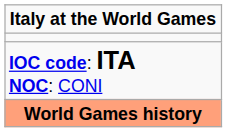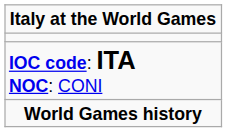 <table class="wikitable" width=20% style="float:right; font-size:90%; text-align:left;">
 <tr>
 <td align=center><strong>Italy at the World Games</strong></td>
 </tr>
 <tr>
 <td align=center valign=center></td>
 </tr>
 <tr>
 <td><strong><a href='#'>IOC code</a></strong>: <big><big><strong>ITA</strong></big> </big> <br><strong><a href='#'>NOC</a></strong>: <a href='#'>CONI</a></td>
 </tr>
 <tr>
-<td align=center style="background: lightsalmon;"><strong>World Games history</strong> </td>
+<td align=center><strong>World Games history</strong> </td>
 </tr>
 </table>
